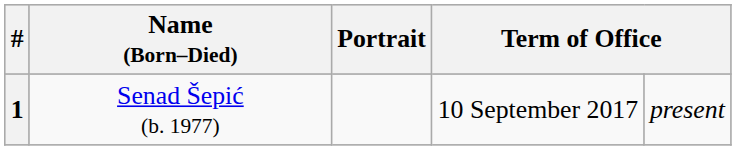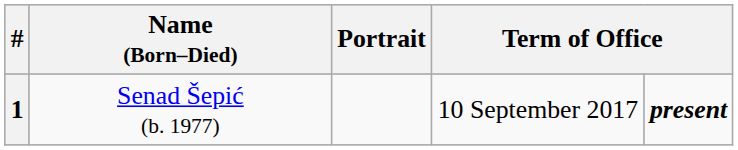 <table class="wikitable" style="text-align:center">
 <tr ->
 <th>#</th>
 <th width=180>Name<br><small>(Born–Died)</small></th>
 <th>Portrait</th>
 <th colspan=2>Term of Office</th>
 </tr>
 <tr ->
 <th align=center style="background: ">1</th>
 <td><a href='#'>Senad Šepić</a><br><small>(b. 1977)</small></td>
 <td></td>
 <td>10 September 2017</td>
-<td><em>present</em></td>
+<td><strong><em>present</em></strong></td>
 </tr>
 </table>
